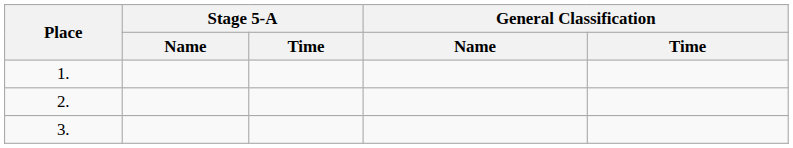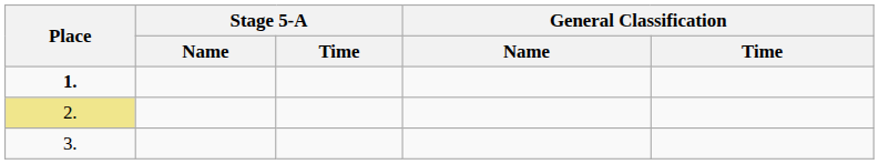 <table class=wikitable style="font-size:95%" width="80%">
 <tr>
 <th rowspan="2">Place</th>
 <th colspan="2">Stage 5-A</th>
 <th colspan="2">General Classification</th>
 </tr>
 <tr>
 <th>Name</th>
 <th>Time</th>
 <th>Name</th>
 <th>Time</th>
 </tr>
 <tr>
-<td align="center">1.</td>
+<td align="center"><strong>1.</strong></td>
 <td></td>
 <td></td>
 <td></td>
 <td></td>
 </tr>
 <tr>
-<td align="center">2.</td>
+<td align="center" style="background: khaki;">2.</td>
 <td></td>
 <td></td>
 <td></td>
 <td></td>
 </tr>
 <tr>
 <td align="center">3.</td>
 <td></td>
 <td></td>
 <td></td>
 <td></td>
 </tr>
 </table>
